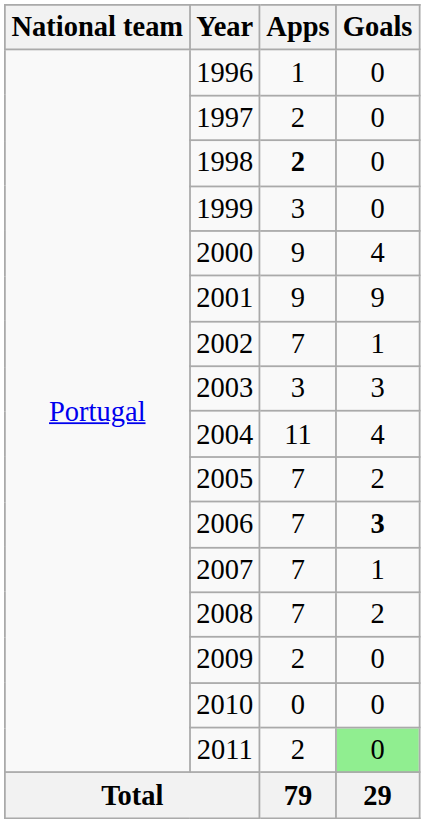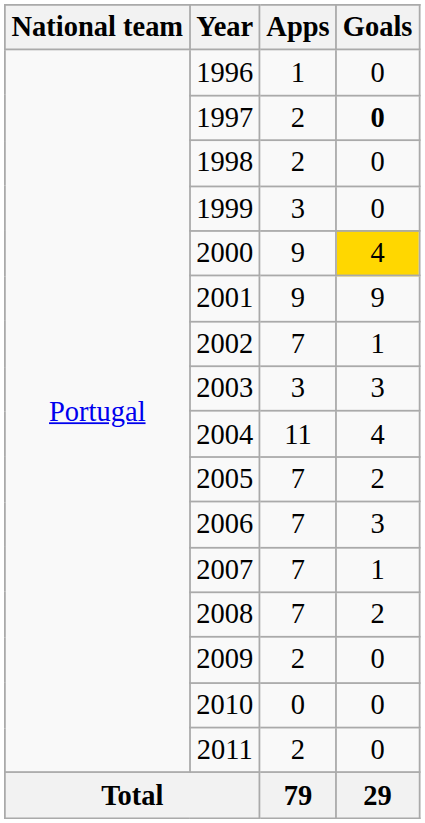 <table class="wikitable" style="text-align:center">
 <tr>
 <th>National team</th>
 <th>Year</th>
 <th>Apps</th>
 <th>Goals</th>
 </tr>
 <tr>
 <td rowspan="16"><a href='#'>Portugal</a></td>
 <td>1996</td>
 <td>1</td>
 <td>0</td>
 </tr>
 <tr>
 <td>1997</td>
 <td>2</td>
-<td>0</td>
+<td><strong>0</strong></td>
 </tr>
 <tr>
 <td>1998</td>
-<td><strong>2</strong></td>
+<td>2</td>
 <td>0</td>
 </tr>
 <tr>
 <td>1999</td>
 <td>3</td>
 <td>0</td>
 </tr>
 <tr>
 <td>2000</td>
 <td>9</td>
-<td>4</td>
+<td style="background: gold;">4</td>
 </tr>
 <tr>
 <td>2001</td>
 <td>9</td>
 <td>9</td>
 </tr>
 <tr>
 <td>2002</td>
 <td>7</td>
 <td>1</td>
 </tr>
 <tr>
 <td>2003</td>
 <td>3</td>
 <td>3</td>
 </tr>
 <tr>
 <td>2004</td>
 <td>11</td>
 <td>4</td>
 </tr>
 <tr>
 <td>2005</td>
 <td>7</td>
 <td>2</td>
 </tr>
 <tr>
 <td>2006</td>
 <td>7</td>
-<td><strong>3</strong></td>
+<td>3</td>
 </tr>
 <tr>
 <td>2007</td>
 <td>7</td>
 <td>1</td>
 </tr>
 <tr>
 <td>2008</td>
 <td>7</td>
 <td>2</td>
 </tr>
 <tr>
 <td>2009</td>
 <td>2</td>
 <td>0</td>
 </tr>
 <tr>
 <td>2010</td>
 <td>0</td>
 <td>0</td>
 </tr>
 <tr>
 <td>2011</td>
 <td>2</td>
-<td style="background: lightgreen;">0</td>
+<td>0</td>
 </tr>
 <tr>
 <th colspan="2">Total</th>
 <th>79</th>
 <th>29</th>
 </tr>
 </table>
